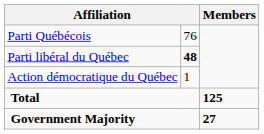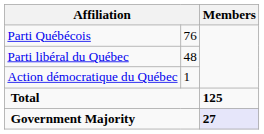 <table class="wikitable">
 <tr>
 <th colspan="2">Affiliation</th>
 <th>Members</th>
 </tr>
 <tr>
 <td align=left><a href='#'>Parti Québécois</a></td>
 <td>76</td>
 </tr>
 <tr>
 <td align=left><a href='#'>Parti libéral du Québec</a></td>
-<td><strong>48</strong></td>
+<td>48</td>
 </tr>
 <tr>
 <td align=left><a href='#'>Action démocratique du Québec</a></td>
 <td>1</td>
 </tr>
 <tr>
 <td colspan="2" style="text-align:left;"> <strong>Total</strong><br></td>
 <td><strong>125</strong></td>
 </tr>
 <tr>
 <td colspan="2" style="text-align:left;"> <strong>Government Majority</strong><br></td>
-<td><strong>27</strong></td>
+<td style="background: lavender;"><strong>27</strong></td>
 </tr>
 </table>
